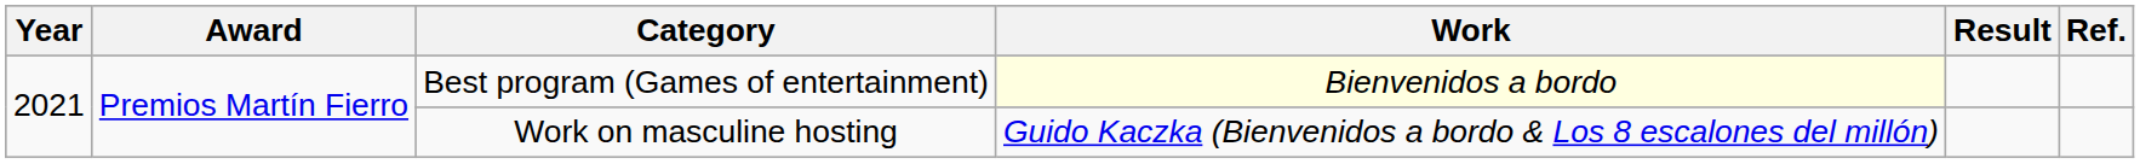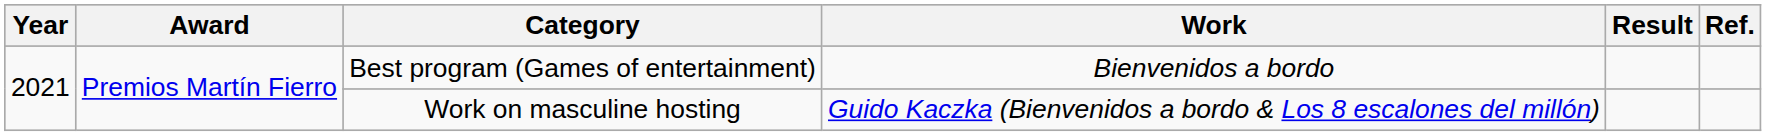 <table class="wikitable sortable plainrowheaders">
 <tr>
 <th align="center">Year</th>
 <th align="center">Award</th>
 <th align="center">Category</th>
 <th align="center">Work</th>
 <th align="center">Result</th>
 <th align="center">Ref.</th>
 </tr>
 <tr>
 <td rowspan="2">2021</td>
 <td rowspan="2" align="center" scope="row"><a href='#'>Premios Martín Fierro</a></td>
 <td align="center" scope="row">Best program (Games of entertainment)</td>
-<td align="center" scope="row" style="background: lightyellow;"><em>Bienvenidos a bordo</em></td>
+<td align="center" scope="row"><em>Bienvenidos a bordo</em></td>
 <td></td>
 <td></td>
 </tr>
 <tr>
 <td align="center" scope="row">Work on masculine hosting</td>
 <td><em><a href='#'>Guido Kaczka</a> (Bienvenidos a bordo & <a href='#'>Los 8 escalones del millón</a>)</em></td>
 <td></td>
 <td></td>
 </tr>
 </table>
